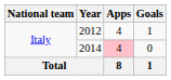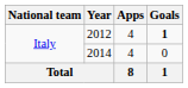 <table class="wikitable" style="text-align:center">
 <tr>
 <th>National team</th>
 <th>Year</th>
 <th>Apps</th>
 <th>Goals</th>
 </tr>
 <tr>
 <td rowspan="2"><a href='#'>Italy</a></td>
 <td>2012</td>
 <td>4</td>
-<td>1</td>
+<td><strong>1</strong></td>
 </tr>
 <tr>
 <td>2014</td>
-<td style="background: pink;">4</td>
+<td>4</td>
 <td>0</td>
 </tr>
 <tr>
 <th colspan="2">Total</th>
 <th>8</th>
 <th>1</th>
 </tr>
 </table>
